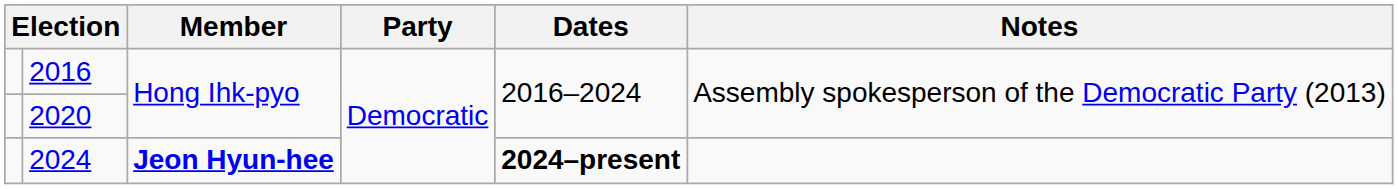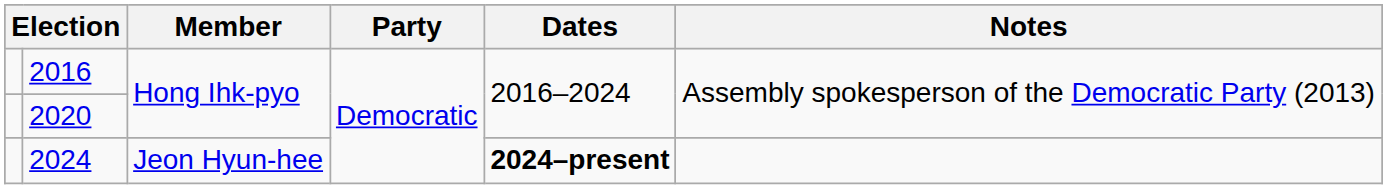 <table class="wikitable">
 <tr>
 <th colspan="2">Election</th>
 <th>Member</th>
 <th>Party</th>
 <th>Dates</th>
 <th>Notes</th>
 </tr>
 <tr>
 <td bgcolor=></td>
 <td><a href='#'>2016</a></td>
 <td rowspan="2"><a href='#'>Hong Ihk-pyo</a></td>
 <td rowspan="3"><a href='#'>Democratic</a></td>
 <td rowspan="2">2016–2024</td>
 <td rowspan="2">Assembly spokesperson of the <a href='#'>Democratic Party</a> (2013)</td>
 </tr>
 <tr>
 <td bgcolor=></td>
 <td><a href='#'>2020</a></td>
 </tr>
 <tr>
 <td bgcolor=></td>
 <td><a href='#'>2024</a></td>
-<td><strong><a href='#'>Jeon Hyun-hee</a></strong></td>
+<td><a href='#'>Jeon Hyun-hee</a></td>
 <td><strong>2024–present</strong></td>
 <td></td>
 </tr>
 </table>
